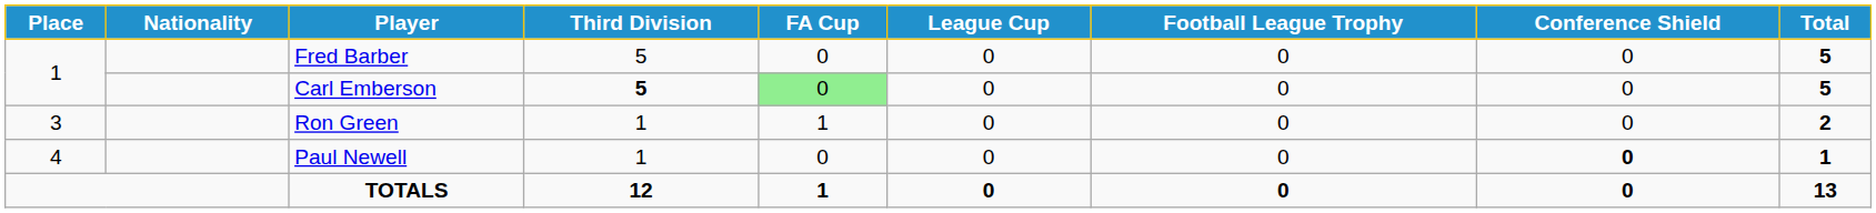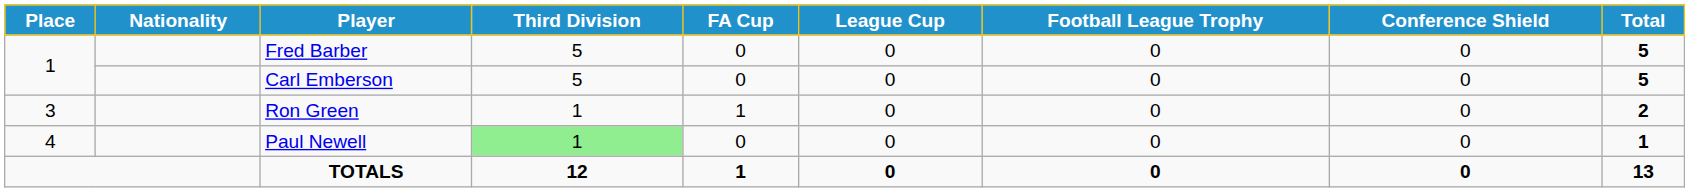 <table class="wikitable" style="text-align:center; font-size:90%; width:100%;">
 <tr>
 <th style="background:#2191CC; color:white; border:1px solid #F7C408; text-align:center;">Place</th>
 <th style="background:#2191CC; color:white; border:1px solid #F7C408; text-align:center;">Nationality</th>
 <th style="background:#2191CC; color:white; border:1px solid #F7C408; text-align:center;">Player</th>
 <th style="background:#2191CC; color:white; border:1px solid #F7C408; text-align:center;">Third Division</th>
 <th style="background:#2191CC; color:white; border:1px solid #F7C408; text-align:center;">FA Cup</th>
 <th style="background:#2191CC; color:white; border:1px solid #F7C408; text-align:center;">League Cup</th>
 <th style="background:#2191CC; color:white; border:1px solid #F7C408; text-align:center;">Football League Trophy</th>
 <th style="background:#2191CC; color:white; border:1px solid #F7C408; text-align:center;">Conference Shield</th>
 <th style="background:#2191CC; color:white; border:1px solid #F7C408; text-align:center;">Total</th>
 </tr>
 <tr>
 <td rowspan=2>1</td>
 <td></td>
 <td align="left"><a href='#'>Fred Barber</a></td>
 <td>5</td>
 <td>0</td>
 <td>0</td>
 <td>0</td>
 <td>0</td>
 <td><strong>5</strong></td>
 </tr>
 <tr>
 <td></td>
 <td align="left"><a href='#'>Carl Emberson</a></td>
-<td><strong>5</strong></td>
-<td style="background: lightgreen;">0</td>
+<td>5</td>
+<td>0</td>
 <td>0</td>
 <td>0</td>
 <td>0</td>
 <td><strong>5</strong></td>
 </tr>
 <tr>
 <td>3</td>
 <td></td>
 <td align="left"><a href='#'>Ron Green</a></td>
 <td>1</td>
 <td>1</td>
 <td>0</td>
 <td>0</td>
 <td>0</td>
 <td><strong>2</strong></td>
 </tr>
 <tr>
 <td>4</td>
 <td></td>
 <td align="left"><a href='#'>Paul Newell</a></td>
-<td>1</td>
+<td style="background: lightgreen;">1</td>
 <td>0</td>
 <td>0</td>
 <td>0</td>
-<td><strong>0</strong></td>
+<td>0</td>
 <td><strong>1</strong></td>
 </tr>
 <tr>
 <td colspan="2"></td>
 <td><strong>TOTALS</strong></td>
 <td><strong>12</strong></td>
 <td><strong>1</strong></td>
 <td><strong>0</strong></td>
 <td><strong>0</strong></td>
 <td><strong>0</strong></td>
 <td><strong>13</strong></td>
 </tr>
 </table>
